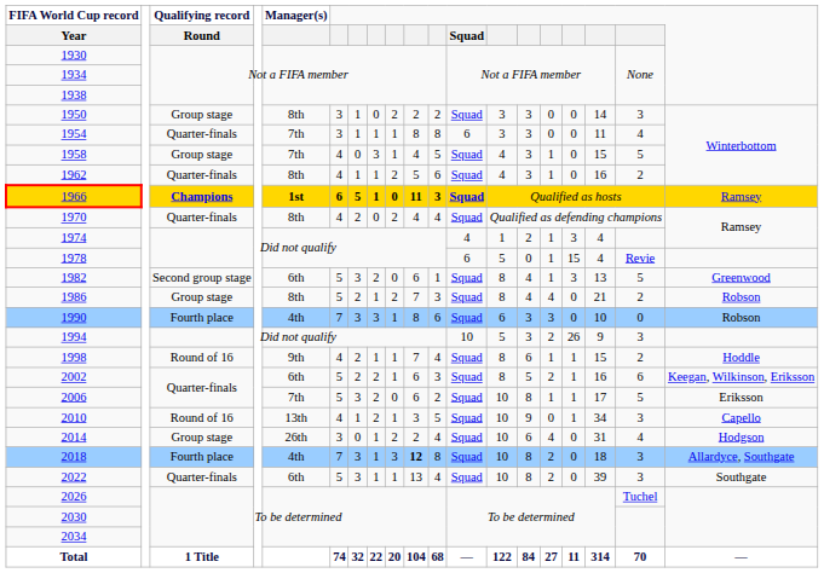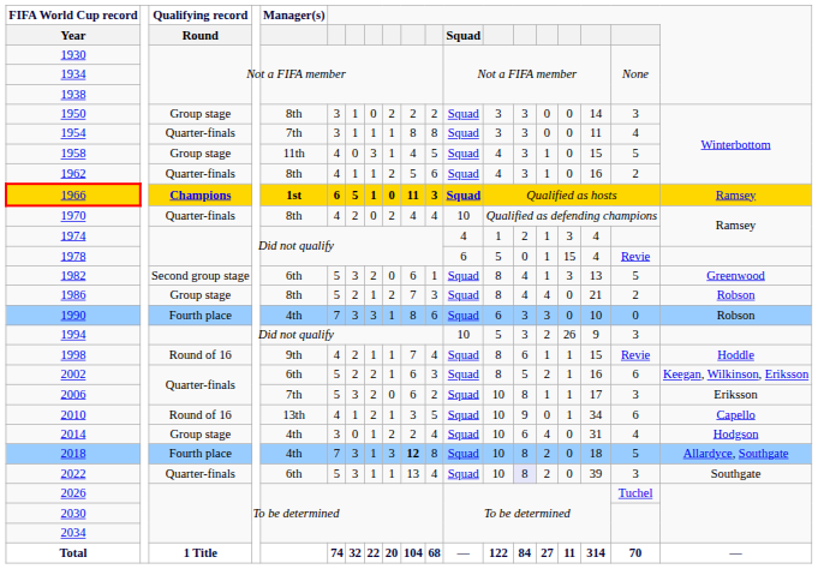 <table class="wikitable" style="text-align:center;">
 <tr>
 <th style="background:white; color:#0B0B3F; ">FIFA World Cup record</th>
 <th style="width:1%;background:white" rowspan=99></th>
 <th style="background:white; color:#0B0B3F; ">Qualifying record</th>
 <th style="width:1%;background:white" rowspan=99></th>
 <th style="background:white; color:#0B0B3F; ">Manager(s)</th>
 </tr>
 <tr>
 <th scope="col">Year</th>
 <th scope="col">Round</th>
 <th scope="col"></th>
 <th scope="col"></th>
 <th scope="col"></th>
 <th scope="col"></th>
 <th scope="col"></th>
 <th scope="col"></th>
 <th scope="col"></th>
 <th scope="col">Squad</th>
 <th scope="col"></th>
 <th scope="col"></th>
 <th scope="col"></th>
 <th scope="col"></th>
 <th scope="col"></th>
 <th scope="col"></th>
 </tr>
 <tr>
 <td scope="row"> <a href='#'>1930</a></td>
 <td rowspan=3 colspan=9><em>Not a FIFA member</em></td>
 <td rowspan=3 colspan=6><em>Not a FIFA member</em></td>
 <td rowspan=3><em>None</em></td>
 </tr>
 <tr>
 <td scope="row"> <a href='#'>1934</a></td>
 </tr>
 <tr>
 <td scope="row"> <a href='#'>1938</a></td>
 </tr>
 <tr>
 <td scope="row"> <a href='#'>1950</a></td>
 <td>Group stage</td>
 <td>8th</td>
 <td>3</td>
 <td>1</td>
 <td>0</td>
 <td>2</td>
 <td>2</td>
 <td>2</td>
 <td><a href='#'>Squad</a></td>
 <td>3</td>
 <td>3</td>
 <td>0</td>
 <td>0</td>
 <td>14</td>
 <td>3</td>
 <td rowspan=4><a href='#'>Winterbottom</a></td>
 </tr>
 <tr>
 <td scope="row"> <a href='#'>1954</a></td>
 <td>Quarter-finals</td>
 <td>7th</td>
 <td>3</td>
 <td>1</td>
 <td>1</td>
 <td>1</td>
 <td>8</td>
 <td>8</td>
-<td>6</td>
+<td><a href='#'>Squad</a></td>
 <td>3</td>
 <td>3</td>
 <td>0</td>
 <td>0</td>
 <td>11</td>
 <td>4</td>
 </tr>
 <tr>
 <td scope="row"> <a href='#'>1958</a></td>
 <td>Group stage</td>
-<td>7th</td>
+<td>11th</td>
 <td>4</td>
 <td>0</td>
 <td>3</td>
 <td>1</td>
 <td>4</td>
 <td>5</td>
 <td><a href='#'>Squad</a></td>
 <td>4</td>
 <td>3</td>
 <td>1</td>
 <td>0</td>
 <td>15</td>
 <td>5</td>
 </tr>
 <tr>
 <td scope="row"> <a href='#'>1962</a></td>
 <td>Quarter-finals</td>
 <td>8th</td>
 <td>4</td>
 <td>1</td>
 <td>1</td>
 <td>2</td>
 <td>5</td>
 <td>6</td>
 <td><a href='#'>Squad</a></td>
 <td>4</td>
 <td>3</td>
 <td>1</td>
 <td>0</td>
 <td>16</td>
 <td>2</td>
 </tr>
 <tr style="background:gold">
 <td style="border: 3px solid red" scope="row"> <a href='#'>1966</a></td>
 <td><strong><a href='#'>Champions</a></strong></td>
 <td><strong>1st</strong></td>
 <td><strong>6</strong></td>
 <td><strong>5</strong></td>
 <td><strong>1</strong></td>
 <td><strong>0</strong></td>
 <td><strong>11</strong></td>
 <td><strong>3</strong></td>
 <td><strong><a href='#'>Squad</a></strong></td>
 <td colspan=6><em>Qualified as hosts</em></td>
 <td><a href='#'>Ramsey</a></td>
 </tr>
 <tr>
 <td scope="row"> <a href='#'>1970</a></td>
 <td>Quarter-finals</td>
 <td>8th</td>
 <td>4</td>
 <td>2</td>
 <td>0</td>
 <td>2</td>
 <td>4</td>
 <td>4</td>
-<td><a href='#'>Squad</a></td>
+<td>10</td>
 <td colspan=6><em>Qualified as defending champions</em></td>
 <td rowspan=2>Ramsey</td>
 </tr>
 <tr>
 <td scope="row"> <a href='#'>1974</a></td>
 <td rowspan=2 colspan=9><em>Did not qualify</em></td>
 <td>4</td>
 <td>1</td>
 <td>2</td>
 <td>1</td>
 <td>3</td>
 <td>4</td>
 </tr>
 <tr>
 <td scope="row"> <a href='#'>1978</a></td>
 <td>6</td>
 <td>5</td>
 <td>0</td>
 <td>1</td>
 <td>15</td>
 <td>4</td>
 <td><a href='#'>Revie</a></td>
 </tr>
 <tr>
 <td scope="row"> <a href='#'>1982</a></td>
 <td>Second group stage</td>
 <td>6th</td>
 <td>5</td>
 <td>3</td>
 <td>2</td>
 <td>0</td>
 <td>6</td>
 <td>1</td>
 <td><a href='#'>Squad</a></td>
 <td>8</td>
 <td>4</td>
 <td>1</td>
 <td>3</td>
 <td>13</td>
 <td>5</td>
 <td><a href='#'>Greenwood</a></td>
 </tr>
 <tr>
 <td scope="row"> <a href='#'>1986</a></td>
 <td>Group stage</td>
 <td>8th</td>
 <td>5</td>
 <td>2</td>
 <td>1</td>
 <td>2</td>
 <td>7</td>
 <td>3</td>
 <td><a href='#'>Squad</a></td>
 <td>8</td>
 <td>4</td>
 <td>4</td>
 <td>0</td>
 <td>21</td>
 <td>2</td>
 <td><a href='#'>Robson</a></td>
 </tr>
 <tr style="background:#9acdff">
 <td scope="row"> <a href='#'>1990</a></td>
 <td>Fourth place</td>
 <td>4th</td>
 <td>7</td>
 <td>3</td>
 <td>3</td>
 <td>1</td>
 <td>8</td>
 <td>6</td>
 <td><a href='#'>Squad</a></td>
 <td>6</td>
 <td>3</td>
 <td>3</td>
 <td>0</td>
 <td>10</td>
 <td>0</td>
 <td>Robson</td>
 </tr>
 <tr>
 <td scope="row"> <a href='#'>1994</a></td>
 <td colspan=9><em>Did not qualify</em></td>
 <td>10</td>
 <td>5</td>
 <td>3</td>
 <td>2</td>
 <td>26</td>
 <td>9</td>
 <td>3</td>
 </tr>
 <tr>
 <td scope="row"> <a href='#'>1998</a></td>
 <td>Round of 16</td>
 <td>9th</td>
 <td>4</td>
 <td>2</td>
 <td>1</td>
 <td>1</td>
 <td>7</td>
 <td>4</td>
 <td><a href='#'>Squad</a></td>
 <td>8</td>
 <td>6</td>
 <td>1</td>
 <td>1</td>
 <td>15</td>
-<td>2</td>
+<td><a href='#'>Revie</a></td>
 <td><a href='#'>Hoddle</a></td>
 </tr>
 <tr>
 <td scope="row">  <a href='#'>2002</a></td>
 <td rowspan=2>Quarter-finals</td>
 <td>6th</td>
 <td>5</td>
 <td>2</td>
 <td>2</td>
 <td>1</td>
 <td>6</td>
 <td>3</td>
 <td><a href='#'>Squad</a></td>
 <td>8</td>
 <td>5</td>
 <td>2</td>
 <td>1</td>
 <td>16</td>
 <td>6</td>
 <td><a href='#'>Keegan</a>, <a href='#'>Wilkinson</a>, <a href='#'>Eriksson</a></td>
 </tr>
 <tr>
 <td scope="row"> <a href='#'>2006</a></td>
 <td>7th</td>
 <td>5</td>
 <td>3</td>
 <td>2</td>
 <td>0</td>
 <td>6</td>
 <td>2</td>
 <td><a href='#'>Squad</a></td>
 <td>10</td>
 <td>8</td>
 <td>1</td>
 <td>1</td>
 <td>17</td>
-<td>5</td>
+<td>3</td>
 <td>Eriksson</td>
 </tr>
 <tr>
 <td scope="row"> <a href='#'>2010</a></td>
 <td>Round of 16</td>
 <td>13th</td>
 <td>4</td>
 <td>1</td>
 <td>2</td>
 <td>1</td>
 <td>3</td>
 <td>5</td>
 <td><a href='#'>Squad</a></td>
 <td>10</td>
 <td>9</td>
 <td>0</td>
 <td>1</td>
 <td>34</td>
-<td>3</td>
+<td>6</td>
 <td><a href='#'>Capello</a></td>
 </tr>
 <tr>
 <td scope="row"> <a href='#'>2014</a></td>
 <td>Group stage</td>
-<td>26th</td>
+<td>4th</td>
 <td>3</td>
 <td>0</td>
 <td>1</td>
 <td>2</td>
 <td>2</td>
 <td>4</td>
 <td><a href='#'>Squad</a></td>
 <td>10</td>
 <td>6</td>
 <td>4</td>
 <td>0</td>
 <td>31</td>
 <td>4</td>
 <td><a href='#'>Hodgson</a></td>
 </tr>
 <tr style="background:#9acdff">
 <td scope="row"> <a href='#'>2018</a></td>
 <td>Fourth place</td>
 <td>4th</td>
 <td>7</td>
 <td>3</td>
 <td>1</td>
 <td>3</td>
 <td><strong>12</strong></td>
 <td>8</td>
 <td><a href='#'>Squad</a></td>
 <td>10</td>
 <td>8</td>
 <td>2</td>
 <td>0</td>
 <td>18</td>
-<td>3</td>
+<td>5</td>
 <td><a href='#'>Allardyce</a>, <a href='#'>Southgate</a></td>
 </tr>
 <tr>
 <td scope="row"> <a href='#'>2022</a></td>
 <td>Quarter-finals</td>
 <td>6th</td>
 <td>5</td>
 <td>3</td>
 <td>1</td>
 <td>1</td>
 <td>13</td>
 <td>4</td>
 <td><a href='#'>Squad</a></td>
 <td>10</td>
-<td>8</td>
+<td style="background: lavender;">8</td>
 <td>2</td>
 <td>0</td>
 <td>39</td>
 <td>3</td>
 <td>Southgate</td>
 </tr>
 <tr>
 <td>   <a href='#'>2026</a></td>
 <td colspan=9 rowspan=3><em>To be determined</em></td>
 <td colspan=6 rowspan=3><em>To be determined</em></td>
 <td><a href='#'>Tuchel</a></td>
 </tr>
 <tr>
 <td>   <a href='#'>2030</a></td>
 <td rowspan=2></td>
 </tr>
 <tr>
 <td> <a href='#'>2034</a></td>
 </tr>
 <tr>
 <th style="background:white; color:#0B0B3F; ">Total</th>
 <th style="background:white; color:#0B0B3F; ">1 Title</th>
 <th style="background:white; color:#0B0B3F; "></th>
 <th style="background:white; color:#0B0B3F; ">74</th>
 <th style="background:white; color:#0B0B3F; ">32</th>
 <th style="background:white; color:#0B0B3F; ">22</th>
 <th style="background:white; color:#0B0B3F; ">20</th>
 <th style="background:white; color:#0B0B3F; ">104</th>
 <th style="background:white; color:#0B0B3F; ">68</th>
 <th style="background:white; color:#0B0B3F; ">—</th>
 <th style="background:white; color:#0B0B3F; ">122</th>
 <th style="background:white; color:#0B0B3F; ">84</th>
 <th style="background:white; color:#0B0B3F; ">27</th>
 <th style="background:white; color:#0B0B3F; ">11</th>
 <th style="background:white; color:#0B0B3F; ">314</th>
 <th style="background:white; color:#0B0B3F; ">70</th>
 <th style="background:white; color:#0B0B3F; ">—</th>
 </tr>
 </table>
